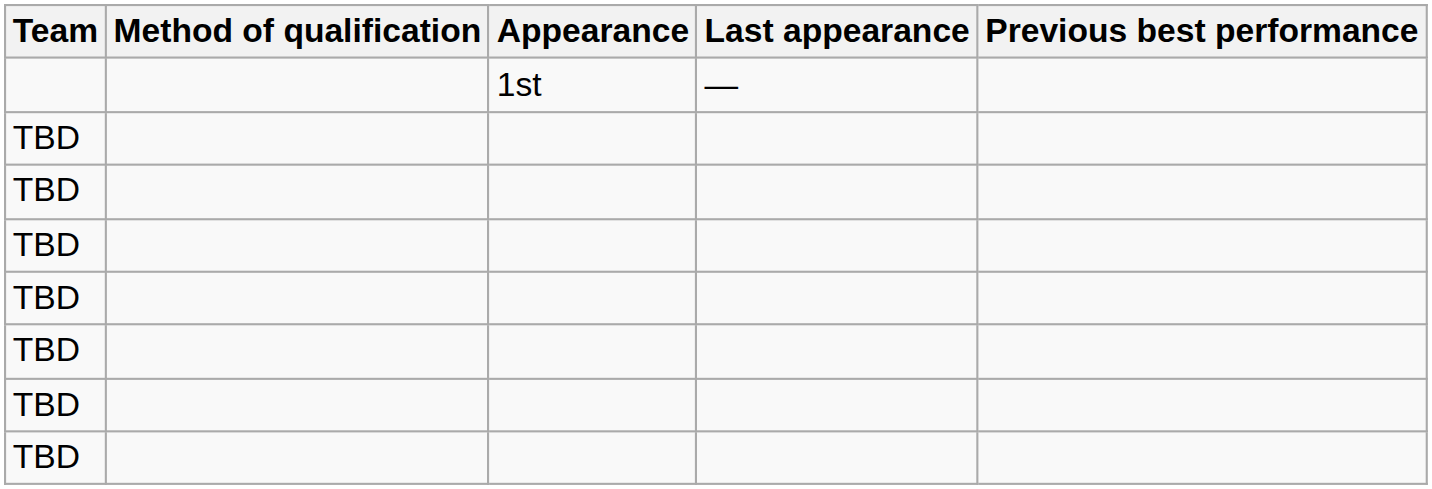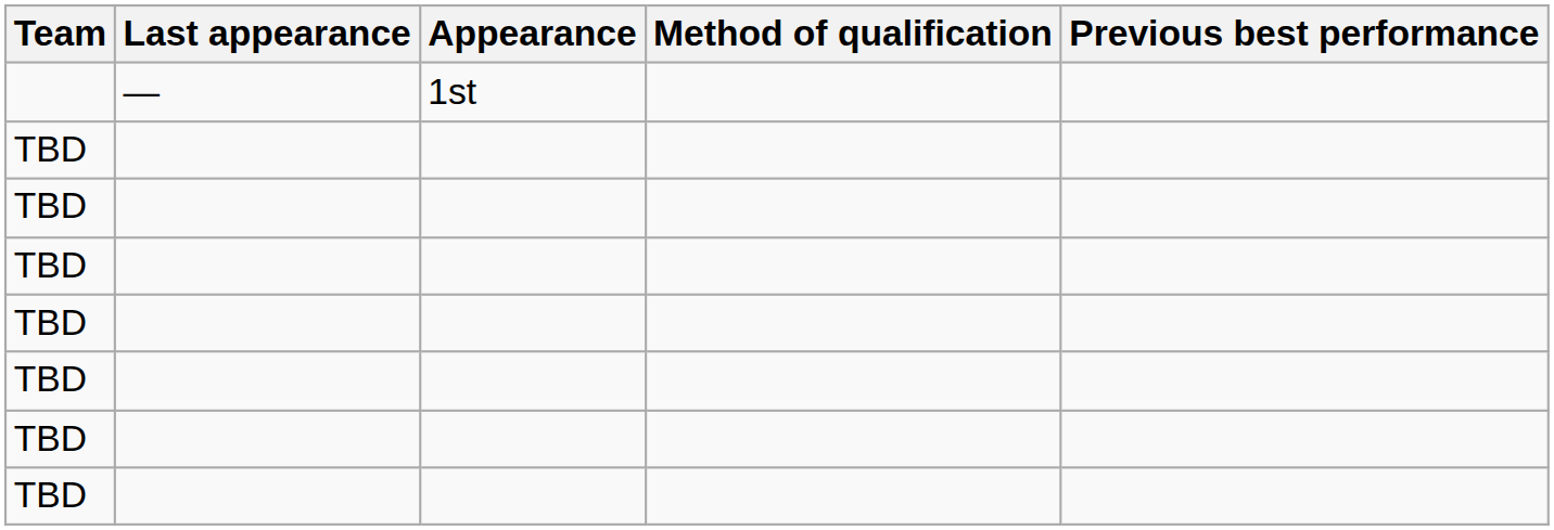 <table class="wikitable sortable">
 <tr>
 <th>Team</th>
+<th>Last appearance</th>
+<th data-sort-type="number">Appearance</th>
 <th>Method of qualification</th>
-<th data-sort-type="number">Appearance</th>
-<th>Last appearance</th>
 <th>Previous best performance</th>
 </tr>
 <tr>
 <td></td>
+<td>—</td>
+<td>1st</td>
 <td></td>
-<td>1st</td>
-<td>—</td>
 <td></td>
 </tr>
 <tr>
 <td>TBD</td>
 <td></td>
 <td></td>
 <td></td>
 <td></td>
 </tr>
 <tr>
 <td>TBD</td>
 <td></td>
 <td></td>
 <td></td>
 <td></td>
 </tr>
 <tr>
 <td>TBD</td>
 <td></td>
 <td></td>
 <td></td>
 <td></td>
 </tr>
 <tr>
 <td>TBD</td>
 <td></td>
 <td></td>
 <td></td>
 <td></td>
 </tr>
 <tr>
 <td>TBD</td>
 <td></td>
 <td></td>
 <td></td>
 <td></td>
 </tr>
 <tr>
 <td>TBD</td>
 <td></td>
 <td></td>
 <td></td>
 <td></td>
 </tr>
 <tr>
 <td>TBD</td>
 <td></td>
 <td></td>
 <td></td>
 <td></td>
 </tr>
 </table>
